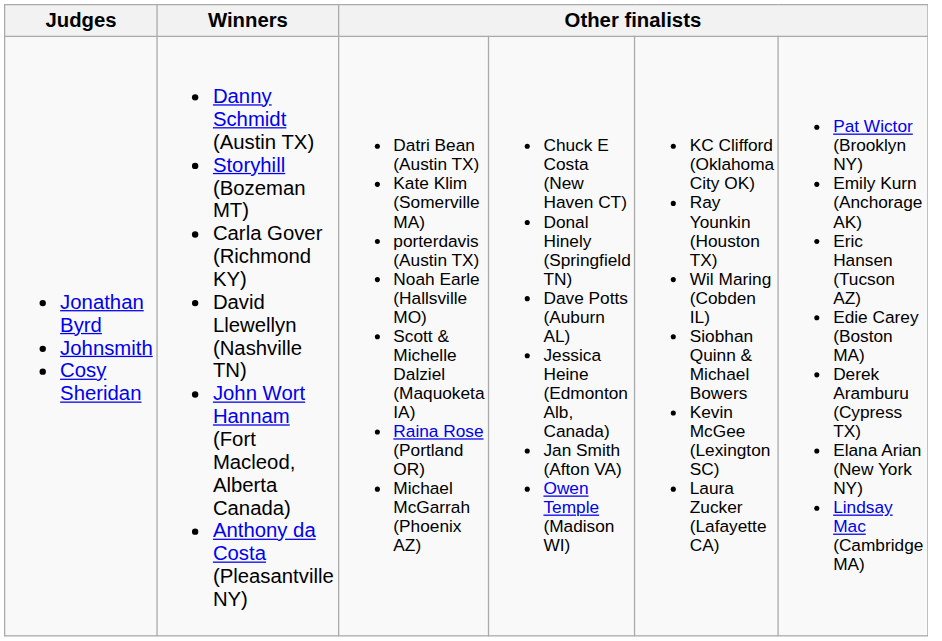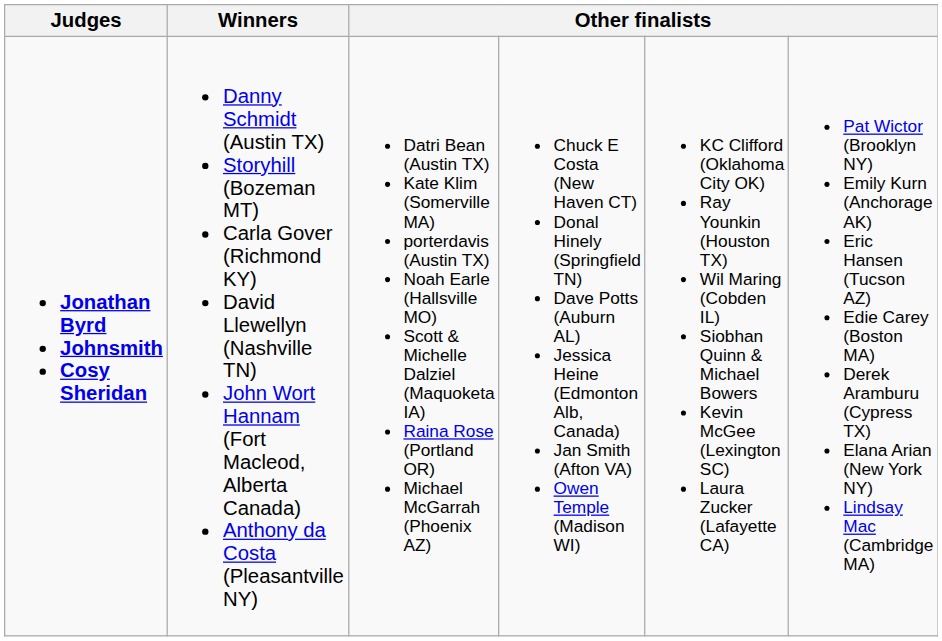 <table class="wikitable mw-collapsible mw-collapsed" style="text-align:left">
 <tr>
 <th>Judges</th>
 <th>Winners</th>
 <th colspan="4" align="center">Other finalists</th>
 </tr>
 <tr>
-<td><br><ul><li><a href='#'>Jonathan Byrd</a></li><li><a href='#'>Johnsmith</a></li><li><a href='#'>Cosy Sheridan</a></li></ul></td>
+<td><strong><br><ul><li><a href='#'>Jonathan Byrd</a></li><li><a href='#'>Johnsmith</a></li><li><a href='#'>Cosy Sheridan</a></li></ul></strong></td>
 <td><br><ul><li><a href='#'>Danny Schmidt</a> (Austin TX)</li><li><a href='#'>Storyhill</a> (Bozeman MT)</li><li>Carla Gover (Richmond KY)</li><li>David Llewellyn  (Nashville TN)</li><li><a href='#'>John Wort Hannam</a> (Fort Macleod, Alberta Canada)</li><li><a href='#'>Anthony da Costa</a> (Pleasantville NY)</li></ul></td>
 <td style="font-size:85%"><br><ul><li>Datri Bean (Austin TX)</li><li>Kate Klim (Somerville MA)</li><li>porterdavis (Austin TX)</li><li>Noah Earle (Hallsville MO)</li><li>Scott & Michelle Dalziel (Maquoketa IA)</li><li><a href='#'>Raina Rose</a> (Portland OR)</li><li>Michael McGarrah (Phoenix AZ)</li></ul></td>
 <td style="font-size:85%"><br><ul><li>Chuck E Costa (New Haven CT)</li><li>Donal Hinely (Springfield TN)</li><li>Dave Potts (Auburn AL)</li><li>Jessica Heine (Edmonton Alb, Canada)</li><li>Jan Smith (Afton VA)</li><li><a href='#'>Owen Temple</a> (Madison WI)</li></ul></td>
 <td style="font-size:85%"><br><ul><li>KC Clifford (Oklahoma City OK)</li><li>Ray Younkin (Houston TX)</li><li>Wil Maring (Cobden IL)</li><li>Siobhan Quinn & Michael Bowers</li><li>Kevin McGee (Lexington SC)</li><li>Laura Zucker (Lafayette CA)</li></ul></td>
 <td style="font-size:85%"><br><ul><li><a href='#'>Pat Wictor</a> (Brooklyn NY)</li><li>Emily Kurn (Anchorage AK)</li><li>Eric Hansen (Tucson AZ)</li><li>Edie Carey (Boston MA)</li><li>Derek Aramburu (Cypress TX)</li><li>Elana Arian (New York NY)</li><li><a href='#'>Lindsay Mac</a> (Cambridge MA)</li></ul></td>
 </tr>
 </table>
